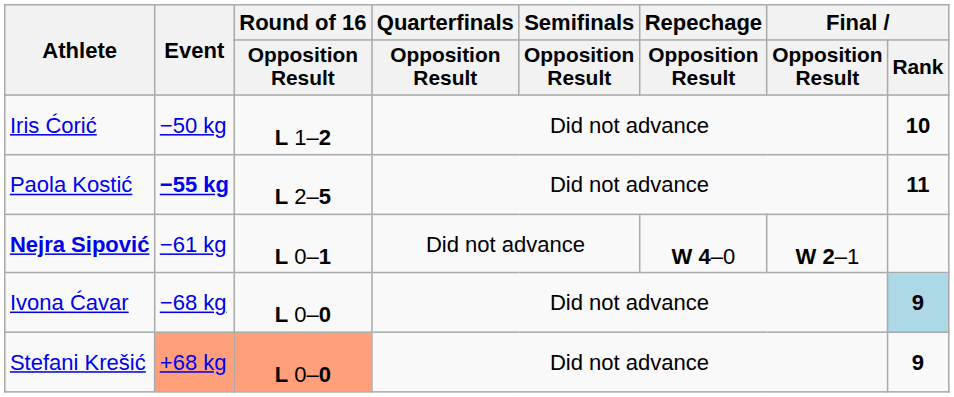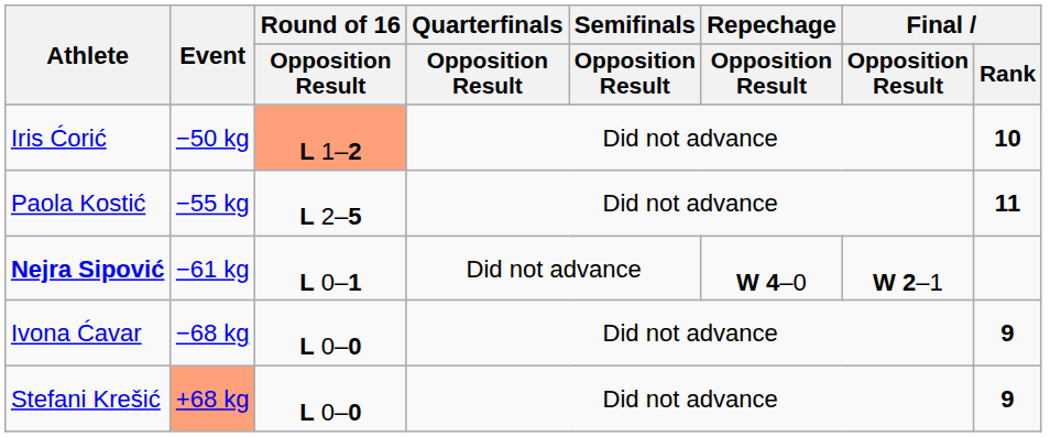 <table class="wikitable" style="font-size:90%">
 <tr>
 <th rowspan="2">Athlete</th>
 <th rowspan="2">Event</th>
 <th>Round of 16</th>
 <th>Quarterfinals</th>
 <th>Semifinals</th>
 <th>Repechage</th>
 <th colspan=2>Final / </th>
 </tr>
 <tr style="font-size:95%">
 <th>Opposition<br>Result</th>
 <th>Opposition<br>Result</th>
 <th>Opposition<br>Result</th>
 <th>Opposition<br>Result</th>
 <th>Opposition<br>Result</th>
 <th>Rank</th>
 </tr>
 <tr align=center>
 <td align=left><a href='#'>Iris Ćorić</a></td>
 <td align=left><a href='#'>−50 kg</a></td>
-<td><br><strong>L</strong> 1–<strong>2</strong></td>
+<td style="background: lightsalmon;"><br><strong>L</strong> 1–<strong>2</strong></td>
 <td colspan=4 align=center>Did not advance</td>
 <td><strong>10</strong></td>
 </tr>
 <tr align=center>
 <td align=left><a href='#'>Paola Kostić</a></td>
-<td align=left><strong><a href='#'>−55 kg</a></strong></td>
+<td align=left><a href='#'>−55 kg</a></td>
 <td><br><strong>L</strong> 2–<strong>5</strong></td>
 <td colspan=4 align=center>Did not advance</td>
 <td><strong>11</strong></td>
 </tr>
 <tr align=center>
 <td align=left><strong><a href='#'>Nejra Sipović</a></strong></td>
 <td align=left><a href='#'>−61 kg</a></td>
 <td><br><strong>L</strong> 0–<strong>1</strong></td>
 <td colspan=2 align=center>Did not advance</td>
 <td><br><strong>W</strong> <strong>4</strong>–0</td>
 <td><br><strong>W</strong> <strong>2</strong>–1</td>
 <td><strong></strong></td>
 </tr>
 <tr align=center>
 <td align=left><a href='#'>Ivona Ćavar</a></td>
 <td align=left><a href='#'>−68 kg</a></td>
 <td><br><strong>L</strong> 0–<strong>0</strong></td>
 <td colspan=4 align=center>Did not advance</td>
-<td style="background: lightblue;"><strong>9</strong></td>
+<td><strong>9</strong></td>
 </tr>
 <tr align=center>
 <td align=left><a href='#'>Stefani Krešić</a></td>
 <td align=left style="background: lightsalmon;"><a href='#'>+68 kg</a></td>
-<td style="background: lightsalmon;"><br><strong>L</strong> 0–<strong>0</strong></td>
+<td><br><strong>L</strong> 0–<strong>0</strong></td>
 <td colspan=4 align=center>Did not advance</td>
 <td><strong>9</strong></td>
 </tr>
 </table>
